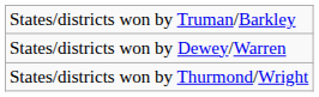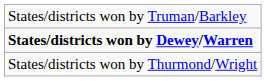 <table class="wikitable">
 <tr>
 <td>States/districts won by <a href='#'>Truman</a>/<a href='#'>Barkley</a></td>
 </tr>
 <tr>
-<td>States/districts won by <a href='#'>Dewey</a>/<a href='#'>Warren</a></td>
+<td><strong>States/districts won by <a href='#'>Dewey</a>/<a href='#'>Warren</a></strong></td>
 </tr>
 <tr>
 <td>States/districts won by <a href='#'>Thurmond</a>/<a href='#'>Wright</a></td>
 </tr>
 </table>
